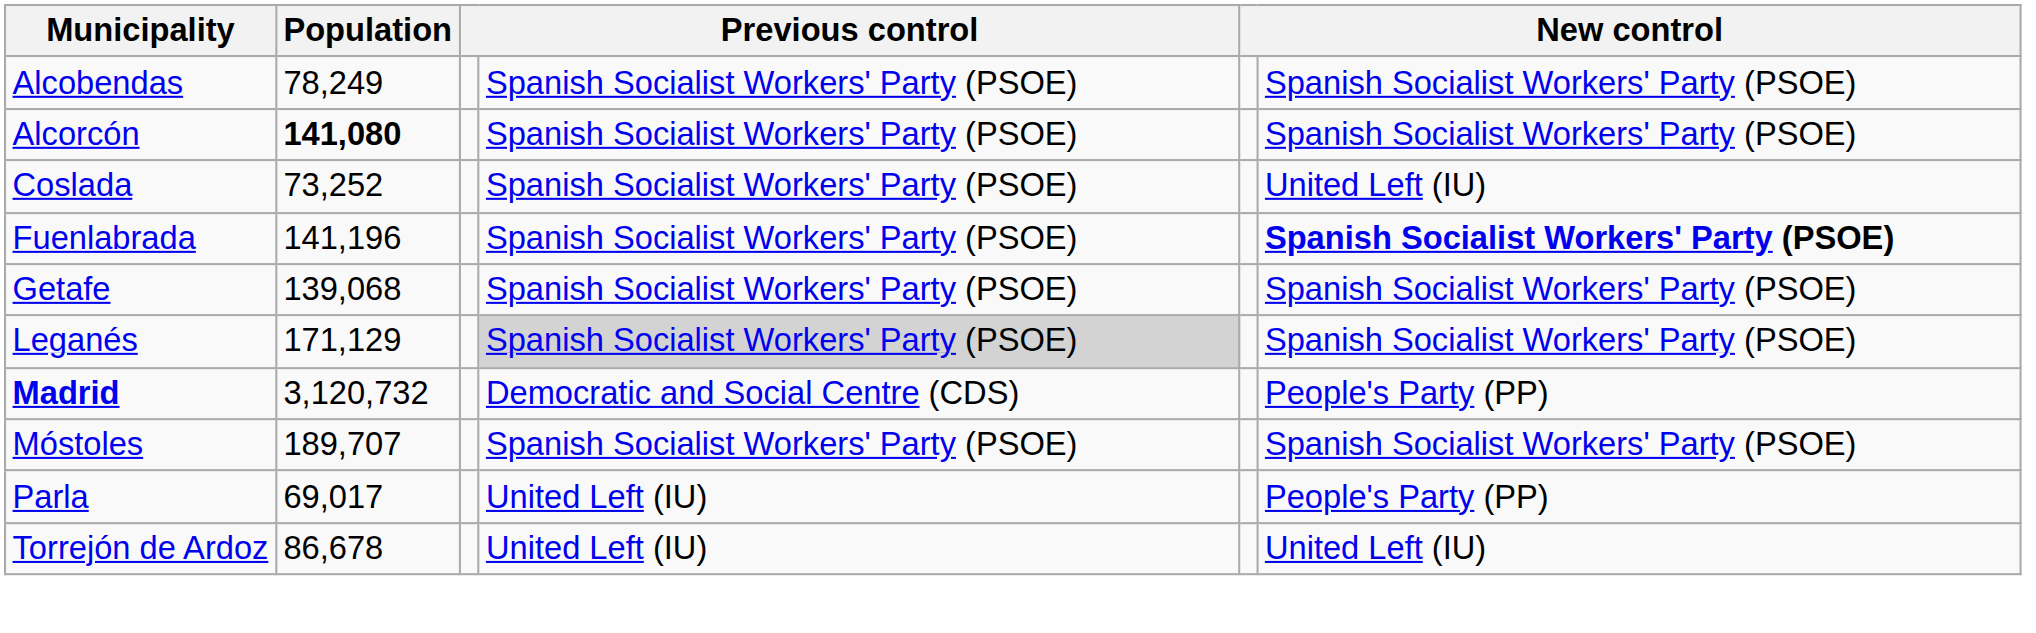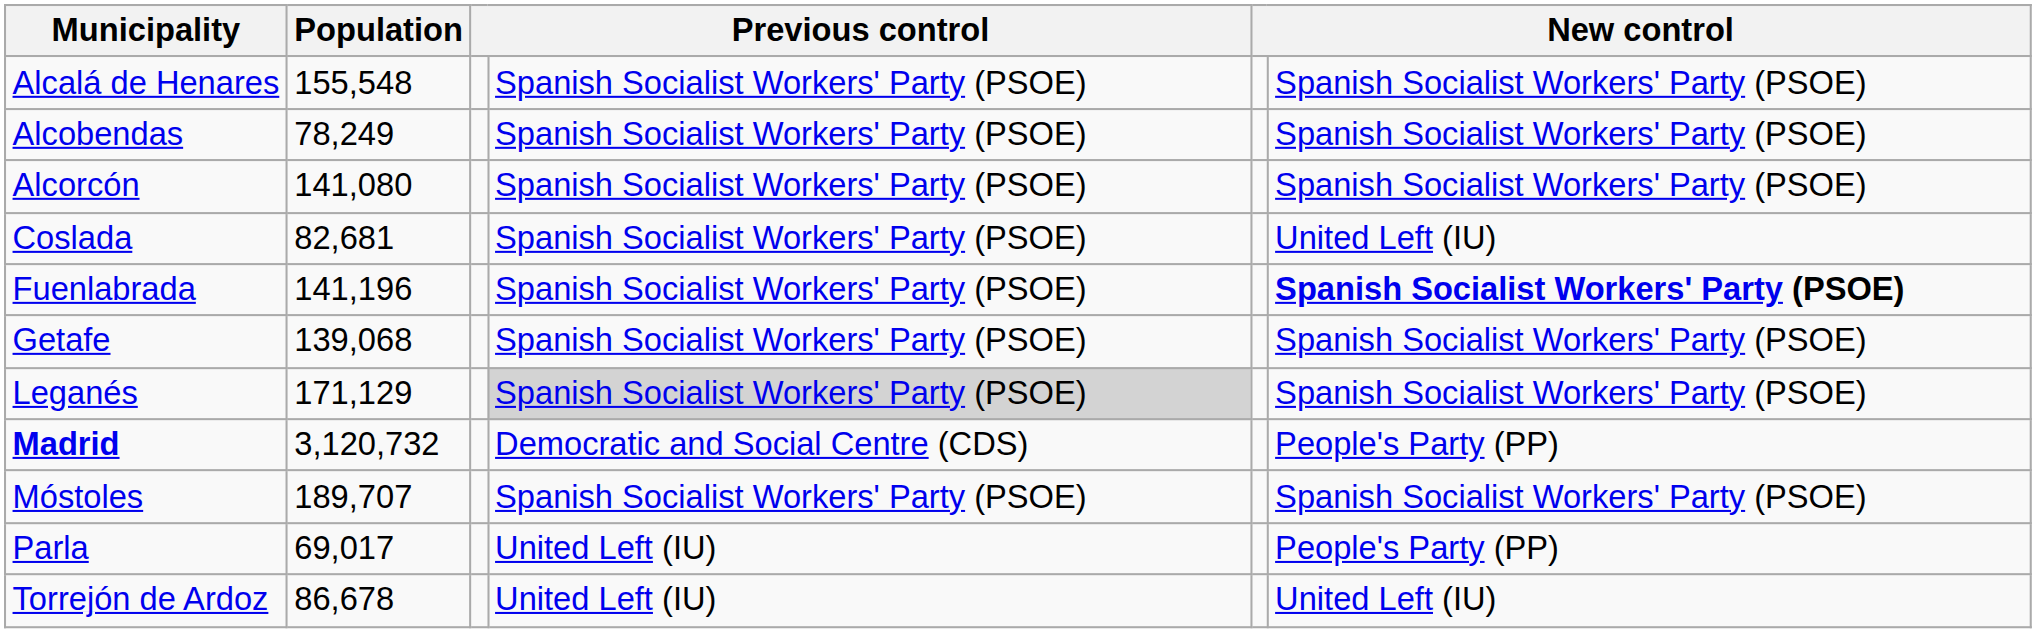 <table class="wikitable sortable">
 <tr>
 <th>Municipality</th>
 <th>Population</th>
 <th colspan="2" style="width:375px;">Previous control</th>
 <th colspan="2" style="width:375px;">New control</th>
+</tr>
+<tr>
+<td><a href='#'>Alcalá de Henares</a></td>
+<td>155,548</td>
+<td width="1" style="color:inherit;background:"></td>
+<td><a href='#'>Spanish Socialist Workers' Party</a> (PSOE)</td>
+<td width="1" style="color:inherit;background:"></td>
+<td><a href='#'>Spanish Socialist Workers' Party</a> (PSOE)</td>
 </tr>
 <tr>
 <td><a href='#'>Alcobendas</a></td>
 <td>78,249</td>
 <td style="color:inherit;background:"></td>
 <td><a href='#'>Spanish Socialist Workers' Party</a> (PSOE)</td>
 <td style="color:inherit;background:"></td>
 <td><a href='#'>Spanish Socialist Workers' Party</a> (PSOE)</td>
 </tr>
 <tr>
 <td><a href='#'>Alcorcón</a></td>
-<td><strong>141,080</strong></td>
+<td>141,080</td>
 <td style="color:inherit;background:"></td>
 <td><a href='#'>Spanish Socialist Workers' Party</a> (PSOE)</td>
 <td style="color:inherit;background:"></td>
 <td><a href='#'>Spanish Socialist Workers' Party</a> (PSOE)</td>
 </tr>
 <tr>
 <td><a href='#'>Coslada</a></td>
-<td>73,252</td>
+<td>82,681</td>
 <td style="color:inherit;background:"></td>
 <td><a href='#'>Spanish Socialist Workers' Party</a> (PSOE)</td>
 <td style="color:inherit;background:"></td>
 <td><a href='#'>United Left</a> (IU)</td>
 </tr>
 <tr>
 <td><a href='#'>Fuenlabrada</a></td>
 <td>141,196</td>
 <td style="color:inherit;background:"></td>
 <td><a href='#'>Spanish Socialist Workers' Party</a> (PSOE)</td>
 <td style="color:inherit;background:"></td>
 <td><strong><a href='#'>Spanish Socialist Workers' Party</a> (PSOE)</strong></td>
 </tr>
 <tr>
 <td><a href='#'>Getafe</a></td>
 <td>139,068</td>
 <td style="color:inherit;background:"></td>
 <td><a href='#'>Spanish Socialist Workers' Party</a> (PSOE)</td>
 <td style="color:inherit;background:"></td>
 <td><a href='#'>Spanish Socialist Workers' Party</a> (PSOE)</td>
 </tr>
 <tr>
 <td><a href='#'>Leganés</a></td>
 <td>171,129</td>
 <td style="color:inherit;background:"></td>
 <td style="background: lightgrey;"><a href='#'>Spanish Socialist Workers' Party</a> (PSOE)</td>
 <td style="color:inherit;background:"></td>
 <td><a href='#'>Spanish Socialist Workers' Party</a> (PSOE)</td>
 </tr>
 <tr>
 <td><strong><a href='#'>Madrid</a></strong></td>
 <td>3,120,732</td>
 <td style="color:inherit;background:"></td>
 <td><a href='#'>Democratic and Social Centre</a> (CDS)</td>
 <td style="color:inherit;background:"></td>
 <td><a href='#'>People's Party</a> (PP)</td>
 </tr>
 <tr>
 <td><a href='#'>Móstoles</a></td>
 <td>189,707</td>
 <td style="color:inherit;background:"></td>
 <td><a href='#'>Spanish Socialist Workers' Party</a> (PSOE)</td>
 <td style="color:inherit;background:"></td>
 <td><a href='#'>Spanish Socialist Workers' Party</a> (PSOE)</td>
 </tr>
 <tr>
 <td><a href='#'>Parla</a></td>
 <td>69,017</td>
 <td style="color:inherit;background:"></td>
 <td><a href='#'>United Left</a> (IU)</td>
 <td style="color:inherit;background:"></td>
 <td><a href='#'>People's Party</a> (PP)</td>
 </tr>
 <tr>
 <td><a href='#'>Torrejón de Ardoz</a></td>
 <td>86,678</td>
 <td style="color:inherit;background:"></td>
 <td><a href='#'>United Left</a> (IU)</td>
 <td style="color:inherit;background:"></td>
 <td><a href='#'>United Left</a> (IU)</td>
 </tr>
 </table>
